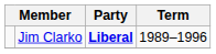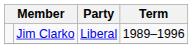 <table class="wikitable">
 <tr>
 <th colspan="2">Member</th>
 <th>Party</th>
 <th>Term</th>
 </tr>
 <tr>
 <td> </td>
 <td><a href='#'>Jim Clarko</a></td>
-<td><strong><a href='#'>Liberal</a></strong></td>
+<td><a href='#'>Liberal</a></td>
 <td>1989–1996</td>
 </tr>
 <tr>
 </tr>
 </table>
